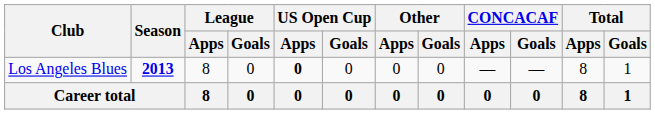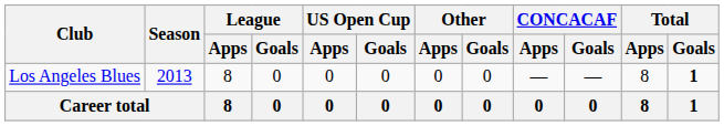 <table class="wikitable" style="font-size:90%; text-align:center;">
 <tr>
 <th rowspan="2">Club</th>
 <th rowspan="2">Season</th>
 <th colspan="2">League</th>
 <th colspan="2">US Open Cup</th>
 <th colspan="2">Other</th>
 <th colspan="2"><a href='#'>CONCACAF</a></th>
 <th colspan="2">Total</th>
 </tr>
 <tr>
 <th>Apps</th>
 <th>Goals</th>
 <th>Apps</th>
 <th>Goals</th>
 <th>Apps</th>
 <th>Goals</th>
 <th>Apps</th>
 <th>Goals</th>
 <th>Apps</th>
 <th>Goals</th>
 </tr>
 <tr>
 <td rowspan="1"><a href='#'>Los Angeles Blues</a></td>
-<td><strong><a href='#'>2013</a></strong></td>
+<td><a href='#'>2013</a></td>
 <td>8</td>
 <td>0</td>
-<td><strong>0</strong></td>
+<td>0</td>
 <td>0</td>
 <td>0</td>
 <td>0</td>
 <td>—</td>
 <td>—</td>
 <td>8</td>
-<td>1</td>
+<td><strong>1</strong></td>
 </tr>
 <tr>
 <th colspan="2">Career total</th>
 <th>8</th>
 <th>0</th>
 <th>0</th>
 <th>0</th>
 <th>0</th>
 <th>0</th>
 <th>0</th>
 <th>0</th>
 <th>8</th>
 <th>1</th>
 </tr>
 </table>
